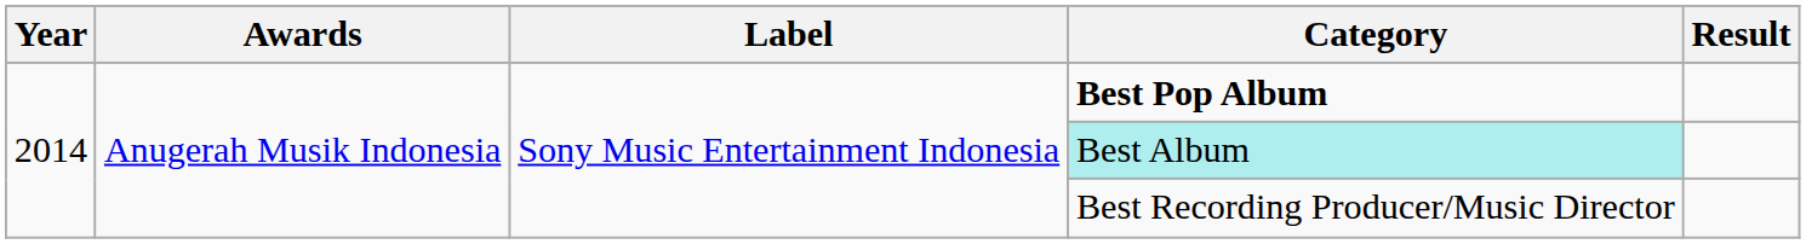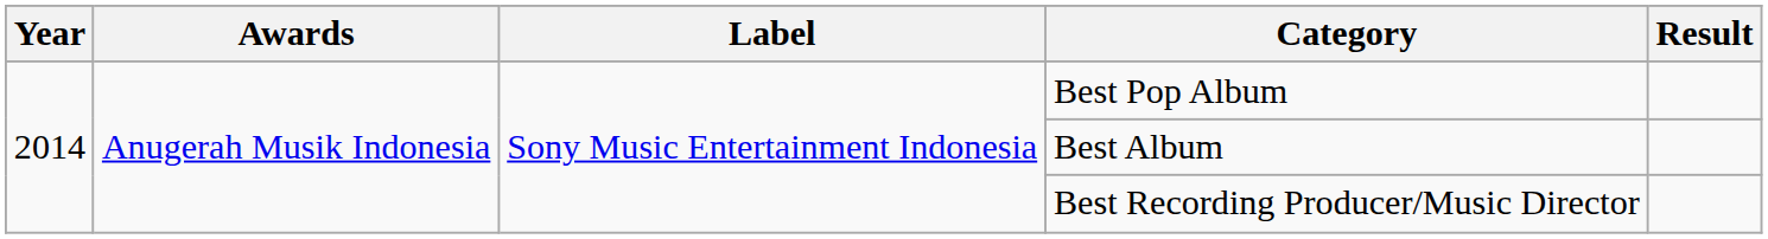 <table class="wikitable">
 <tr>
 <th>Year</th>
 <th>Awards</th>
 <th>Label</th>
 <th>Category</th>
 <th>Result</th>
 </tr>
 <tr>
 <td rowspan="3">2014</td>
 <td rowspan="3"><a href='#'>Anugerah Musik Indonesia</a></td>
 <td rowspan="3"><a href='#'>Sony Music Entertainment Indonesia</a></td>
-<td><strong>Best Pop Album</strong></td>
+<td>Best Pop Album</td>
 <td></td>
 </tr>
 <tr>
-<td style="background: paleturquoise;">Best Album</td>
+<td>Best Album</td>
 <td></td>
 </tr>
 <tr>
 <td>Best Recording Producer/Music Director</td>
 <td></td>
 </tr>
 </table>
